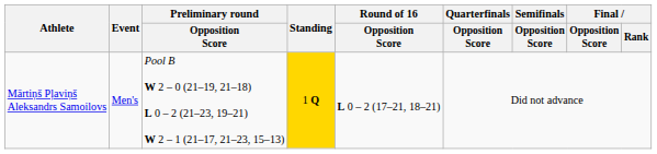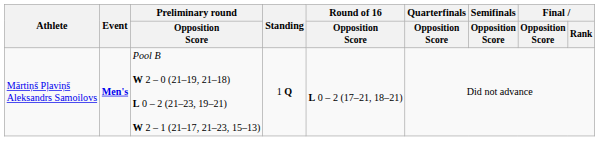 <table class=wikitable style="font-size:90%">
 <tr>
 <th rowspan="2">Athlete</th>
 <th rowspan="2">Event</th>
 <th>Preliminary round</th>
 <th rowspan="2">Standing</th>
 <th>Round of 16</th>
 <th>Quarterfinals</th>
 <th>Semifinals</th>
 <th colspan=2>Final / </th>
 </tr>
 <tr style="font-size:95%">
 <th>Opposition<br>Score</th>
 <th>Opposition<br>Score</th>
 <th>Opposition<br>Score</th>
 <th>Opposition<br>Score</th>
 <th>Opposition<br>Score</th>
 <th>Rank</th>
 </tr>
 <tr align=center>
 <td align=left><a href='#'>Mārtiņš Pļaviņš</a><br><a href='#'>Aleksandrs Samoilovs</a></td>
-<td align=left><a href='#'>Men's</a></td>
+<td align=left><strong><a href='#'>Men's</a></strong></td>
 <td align=left><em>Pool B</em><br><br><strong>W</strong> 2 – 0 (21–19, 21–18)<br><br><strong>L</strong> 0 – 2 (21–23, 19–21)<br><br><strong>W</strong> 2 – 1 (21–17, 21–23, 15–13)</td>
-<td style="background: gold;">1 <strong>Q</strong></td>
+<td>1 <strong>Q</strong></td>
 <td><br><strong>L</strong> 0 – 2 (17–21, 18–21)</td>
 <td colspan=4>Did not advance</td>
 </tr>
 </table>
